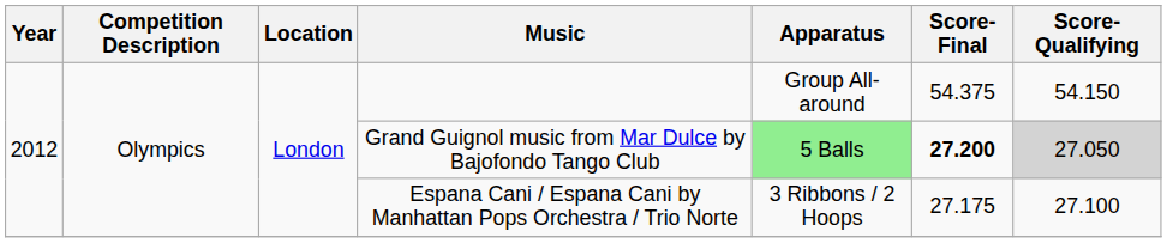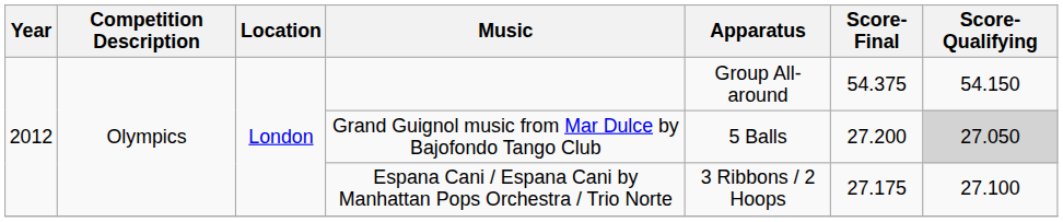 <table class="wikitable" style="text-align:center">
 <tr>
 <th>Year</th>
 <th>Competition Description</th>
 <th>Location</th>
 <th>Music </th>
 <th>Apparatus</th>
 <th>Score-Final</th>
 <th>Score-Qualifying</th>
 </tr>
 <tr>
 <td rowspan="3">2012</td>
 <td rowspan="3">Olympics</td>
 <td rowspan="3"><a href='#'>London</a></td>
 <td></td>
 <td>Group All-around</td>
 <td>54.375</td>
 <td>54.150</td>
 </tr>
 <tr>
 <td>Grand Guignol music from <a href='#'>Mar Dulce</a> by Bajofondo Tango Club</td>
-<td style="background: lightgreen;">5 Balls</td>
-<td><strong>27.200</strong></td>
+<td>5 Balls</td>
+<td>27.200</td>
 <td style="background: lightgrey;">27.050</td>
 </tr>
 <tr>
 <td>Espana Cani / Espana Cani by Manhattan Pops Orchestra / Trio Norte</td>
 <td>3 Ribbons / 2 Hoops</td>
 <td>27.175</td>
 <td>27.100</td>
 </tr>
 <tr>
 </tr>
 </table>
